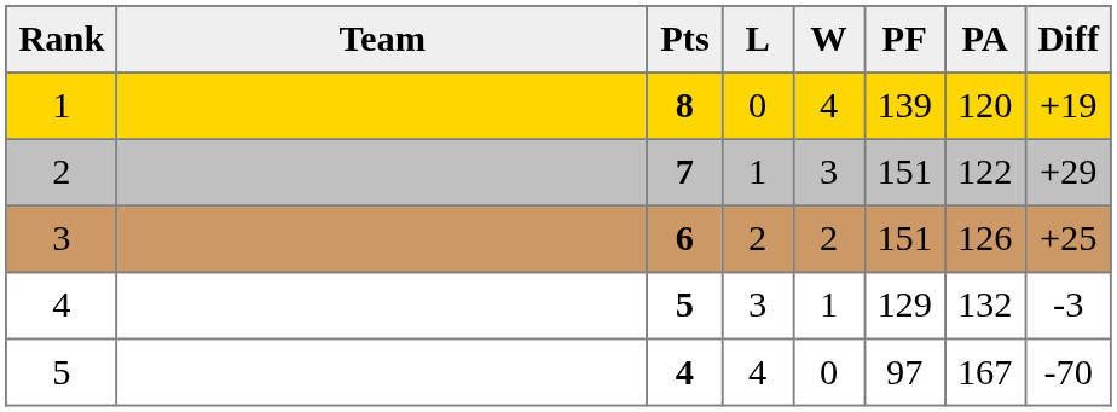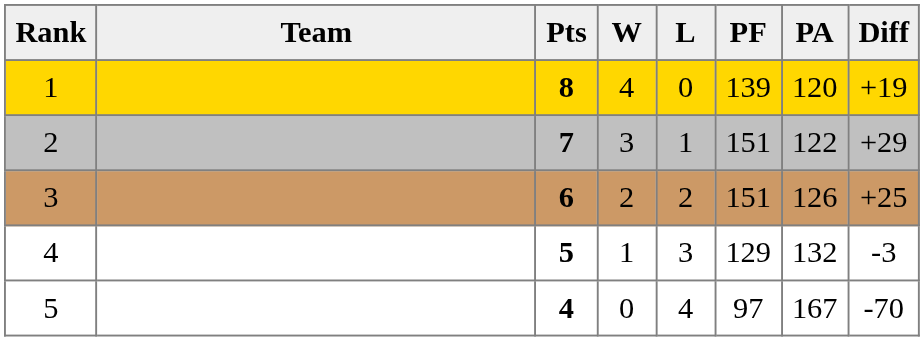 <table style=border-collapse:collapse border=1 cellspacing=0 cellpadding=5>
 <tr align=center bgcolor=#efefef>
 <th width=20>Rank</th>
 <th width=220>Team</th>
 <th width=20>Pts</th>
+<th width=20>W</th>
 <th width=20>L</th>
-<th width=20>W</th>
 <th width=20>PF</th>
 <th width=20>PA</th>
 <th width=20>Diff</th>
 </tr>
 <tr align=center bgcolor=gold>
 <td>1</td>
 <td align=left></td>
 <td><strong>8</strong></td>
+<td>4</td>
 <td>0</td>
-<td>4</td>
 <td>139</td>
 <td>120</td>
 <td>+19</td>
 </tr>
 <tr align=center bgcolor=silver>
 <td>2</td>
 <td align=left></td>
 <td><strong>7</strong></td>
+<td>3</td>
 <td>1</td>
-<td>3</td>
 <td>151</td>
 <td>122</td>
 <td>+29</td>
 </tr>
 <tr align=center bgcolor=cc9966>
 <td>3</td>
 <td align=left></td>
 <td><strong>6</strong></td>
 <td>2</td>
 <td>2</td>
 <td>151</td>
 <td>126</td>
 <td>+25</td>
 </tr>
 <tr align=center>
 <td>4</td>
 <td align=left></td>
 <td><strong>5</strong></td>
+<td>1</td>
 <td>3</td>
-<td>1</td>
 <td>129</td>
 <td>132</td>
 <td>-3</td>
 </tr>
 <tr align=center>
 <td>5</td>
 <td align=left></td>
 <td><strong>4</strong></td>
+<td>0</td>
 <td>4</td>
-<td>0</td>
 <td>97</td>
 <td>167</td>
 <td>-70</td>
 </tr>
 </table>
